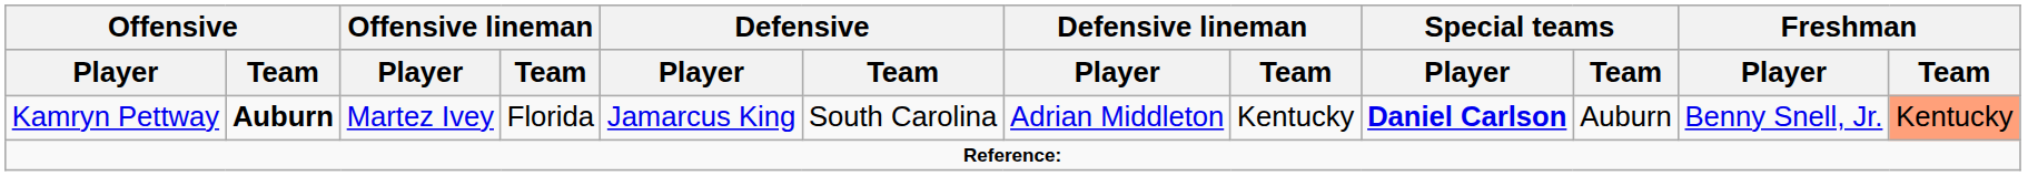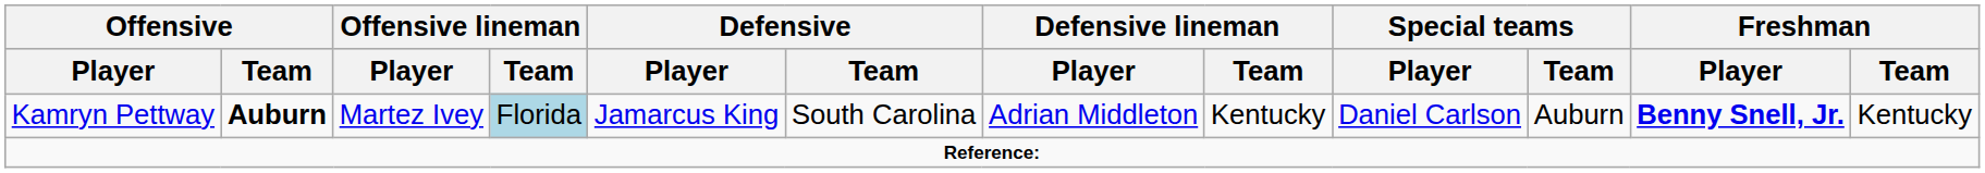 <table class="wikitable">
 <tr>
 <th colspan="2">Offensive</th>
 <th colspan="2">Offensive lineman</th>
 <th colspan="2">Defensive</th>
 <th colspan="2">Defensive lineman</th>
 <th colspan="2">Special teams</th>
 <th colspan="2">Freshman</th>
 </tr>
 <tr>
 <th>Player</th>
 <th>Team</th>
 <th>Player</th>
 <th>Team</th>
 <th>Player</th>
 <th>Team</th>
 <th>Player</th>
 <th>Team</th>
 <th>Player</th>
 <th>Team</th>
 <th>Player</th>
 <th>Team</th>
 </tr>
 <tr>
 <td><a href='#'>Kamryn Pettway</a></td>
 <td><strong>Auburn</strong></td>
 <td><a href='#'>Martez Ivey</a></td>
-<td>Florida</td>
+<td style="background: lightblue;">Florida</td>
 <td><a href='#'>Jamarcus King</a></td>
 <td>South Carolina</td>
 <td><a href='#'>Adrian Middleton</a></td>
 <td>Kentucky</td>
-<td><strong><a href='#'>Daniel Carlson</a></strong></td>
+<td><a href='#'>Daniel Carlson</a></td>
 <td>Auburn</td>
-<td><a href='#'>Benny Snell, Jr.</a></td>
-<td style="background: lightsalmon;">Kentucky</td>
+<td><strong><a href='#'>Benny Snell, Jr.</a></strong></td>
+<td>Kentucky</td>
 </tr>
 <tr>
 <td colspan="12"  style="font-size:8pt; text-align:center;"><strong>Reference:</strong></td>
 </tr>
 </table>
